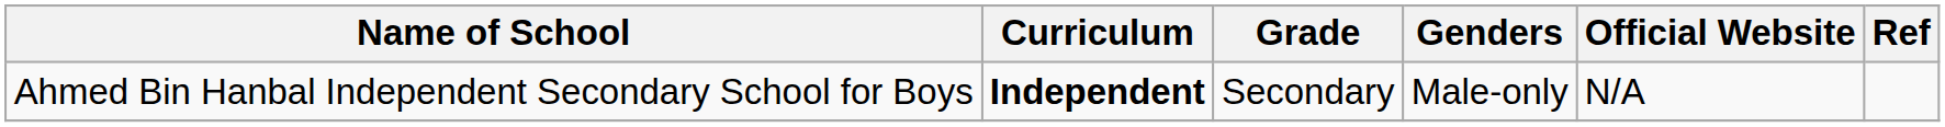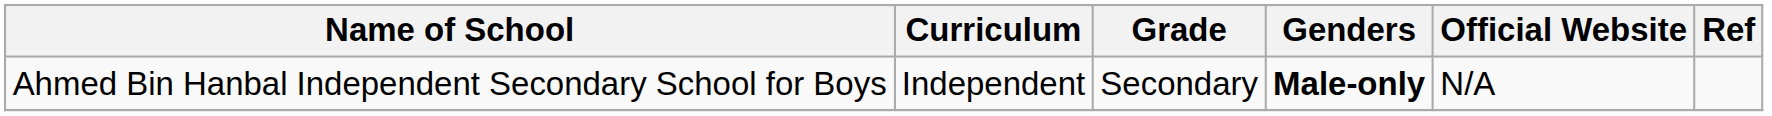 <table class="wikitable">
 <tr>
 <th>Name of School</th>
 <th>Curriculum</th>
 <th>Grade</th>
 <th>Genders</th>
 <th>Official Website</th>
 <th>Ref</th>
 </tr>
 <tr>
 <td>Ahmed Bin Hanbal Independent Secondary School for Boys</td>
-<td><strong>Independent</strong></td>
+<td>Independent</td>
 <td>Secondary</td>
-<td>Male-only</td>
+<td><strong>Male-only</strong></td>
 <td>N/A</td>
 <td></td>
 </tr>
 <tr>
 </tr>
 </table>
